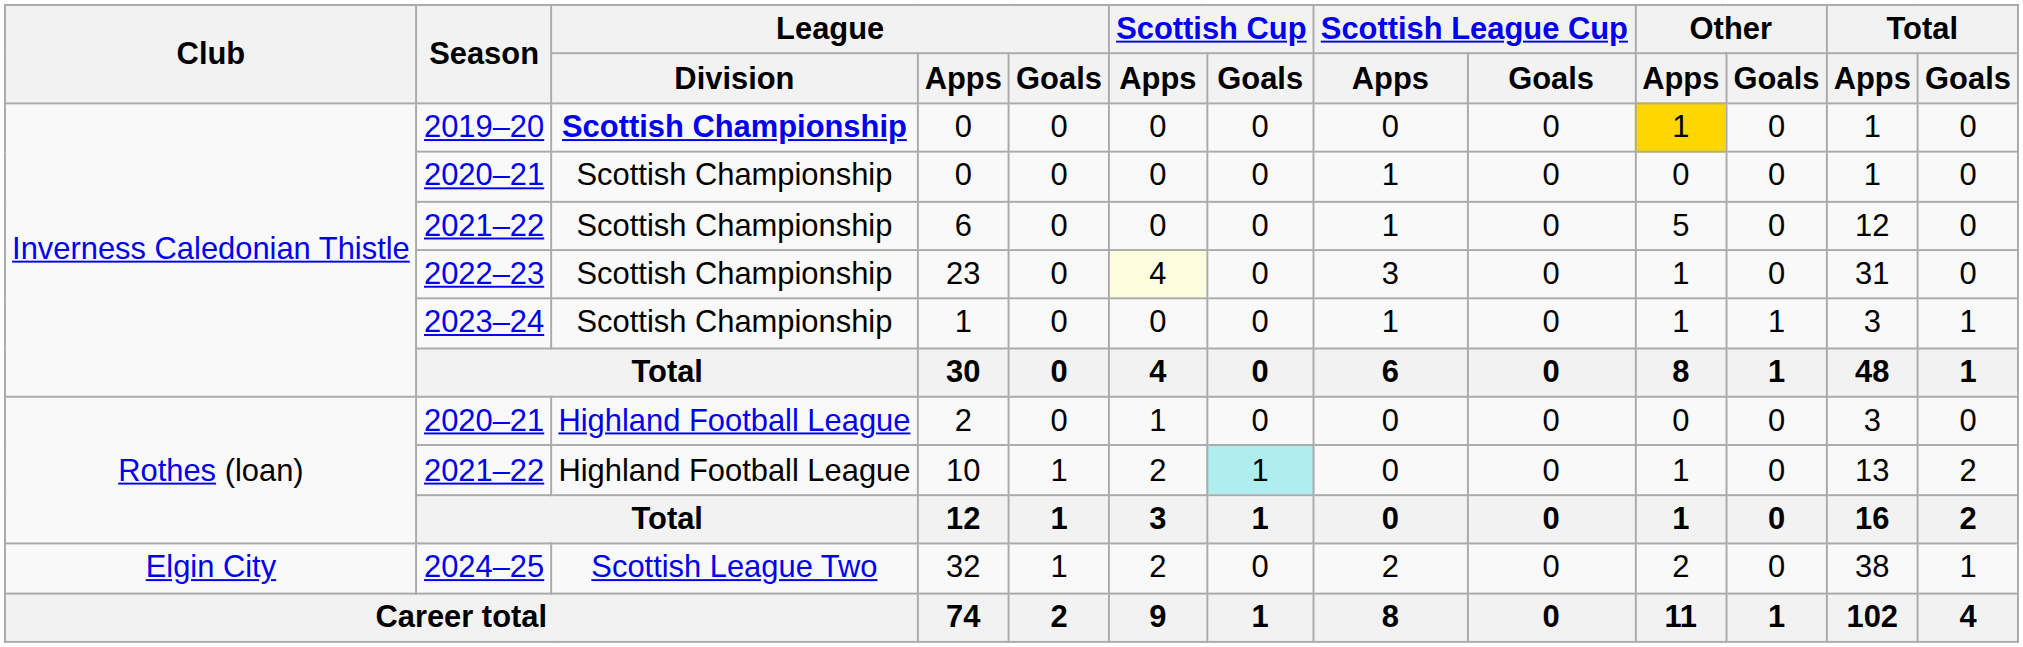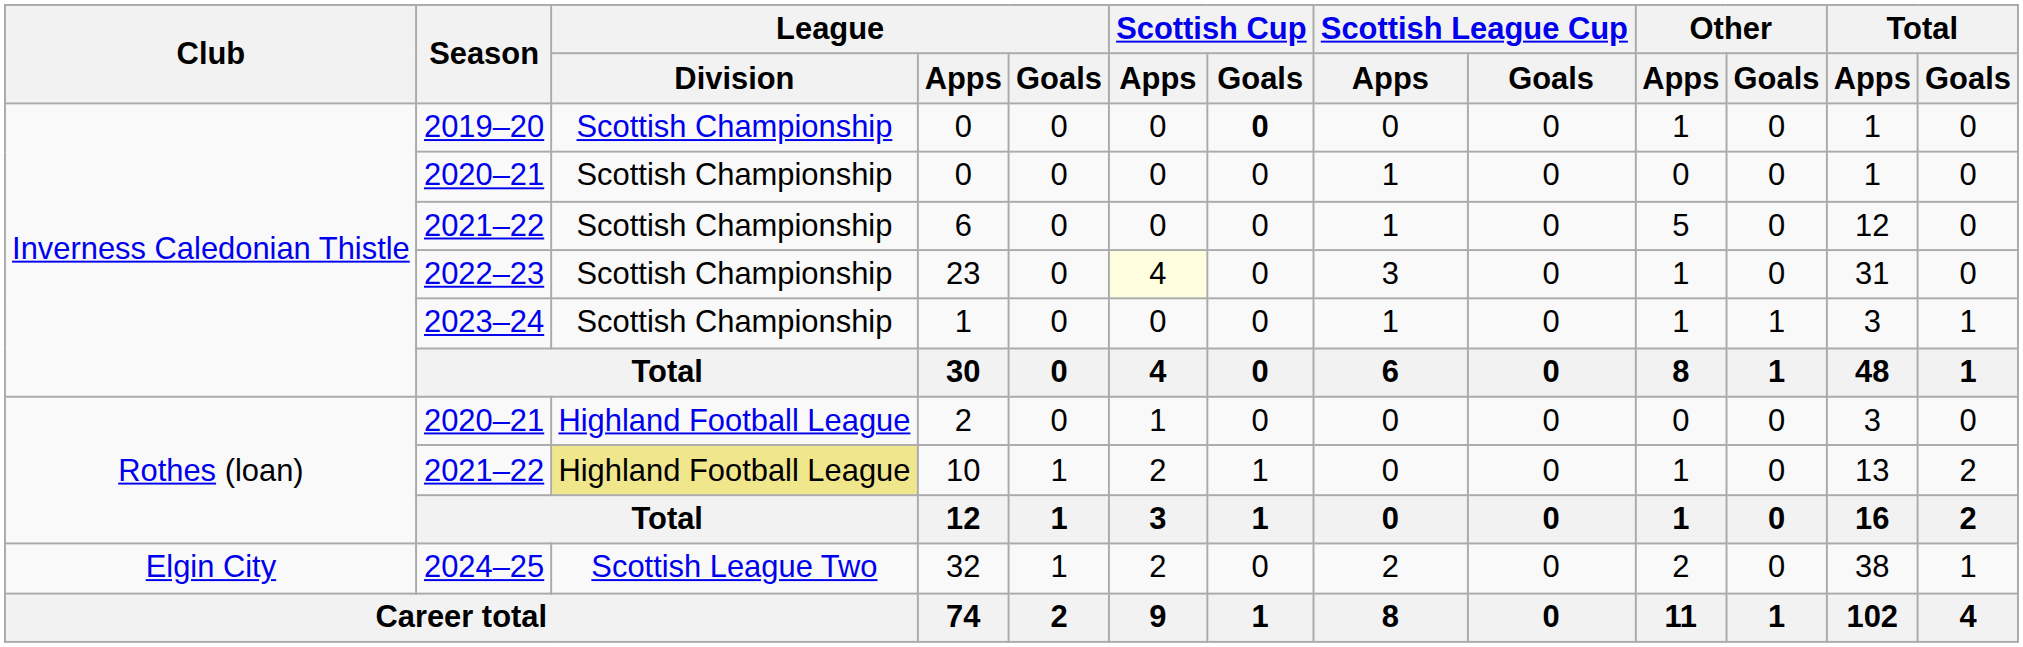 <table class=wikitable style="text-align: center">
 <tr>
 <th rowspan=2>Club</th>
 <th rowspan=2>Season</th>
 <th colspan=3>League</th>
 <th colspan=2><a href='#'>Scottish Cup</a></th>
 <th colspan=2><a href='#'>Scottish League Cup</a></th>
 <th colspan=2>Other</th>
 <th colspan=2>Total</th>
 </tr>
 <tr>
 <th>Division</th>
 <th>Apps</th>
 <th>Goals</th>
 <th>Apps</th>
 <th>Goals</th>
 <th>Apps</th>
 <th>Goals</th>
 <th>Apps</th>
 <th>Goals</th>
 <th>Apps</th>
 <th>Goals</th>
 </tr>
 <tr>
 <td rowspan="6"><a href='#'>Inverness Caledonian Thistle</a></td>
 <td><a href='#'>2019–20</a></td>
-<td><strong><a href='#'>Scottish Championship</a></strong></td>
+<td><a href='#'>Scottish Championship</a></td>
 <td>0</td>
 <td>0</td>
 <td>0</td>
+<td><strong>0</strong></td>
 <td>0</td>
 <td>0</td>
-<td>0</td>
-<td style="background: gold;">1</td>
+<td>1</td>
 <td>0</td>
 <td>1</td>
 <td>0</td>
 </tr>
 <tr>
 <td><a href='#'>2020–21</a></td>
 <td>Scottish Championship</td>
 <td>0</td>
 <td>0</td>
 <td>0</td>
 <td>0</td>
 <td>1</td>
 <td>0</td>
 <td>0</td>
 <td>0</td>
 <td>1</td>
 <td>0</td>
 </tr>
 <tr>
 <td><a href='#'>2021–22</a></td>
 <td>Scottish Championship</td>
 <td>6</td>
 <td>0</td>
 <td>0</td>
 <td>0</td>
 <td>1</td>
 <td>0</td>
 <td>5</td>
 <td>0</td>
 <td>12</td>
 <td>0</td>
 </tr>
 <tr>
 <td><a href='#'>2022–23</a></td>
 <td>Scottish Championship</td>
 <td>23</td>
 <td>0</td>
 <td style="background: lightyellow;">4</td>
 <td>0</td>
 <td>3</td>
 <td>0</td>
 <td>1</td>
 <td>0</td>
 <td>31</td>
 <td>0</td>
 </tr>
 <tr>
 <td><a href='#'>2023–24</a></td>
 <td>Scottish Championship</td>
 <td>1</td>
 <td>0</td>
 <td>0</td>
 <td>0</td>
 <td>1</td>
 <td>0</td>
 <td>1</td>
 <td>1</td>
 <td>3</td>
 <td>1</td>
 </tr>
 <tr>
 <th colspan="2">Total</th>
 <th>30</th>
 <th>0</th>
 <th>4</th>
 <th>0</th>
 <th>6</th>
 <th>0</th>
 <th>8</th>
 <th>1</th>
 <th>48</th>
 <th>1</th>
 </tr>
 <tr>
 <td rowspan=3><a href='#'>Rothes</a> (loan)</td>
 <td><a href='#'>2020–21</a></td>
 <td><a href='#'>Highland Football League</a></td>
 <td>2</td>
 <td>0</td>
 <td>1</td>
 <td>0</td>
 <td>0</td>
 <td>0</td>
 <td>0</td>
 <td>0</td>
 <td>3</td>
 <td>0</td>
 </tr>
 <tr>
 <td><a href='#'>2021–22</a></td>
-<td>Highland Football League</td>
+<td style="background: khaki;">Highland Football League</td>
 <td>10</td>
 <td>1</td>
 <td>2</td>
-<td style="background: paleturquoise;">1</td>
+<td>1</td>
 <td>0</td>
 <td>0</td>
 <td>1</td>
 <td>0</td>
 <td>13</td>
 <td>2</td>
 </tr>
 <tr>
 <th colspan=2>Total</th>
 <th>12</th>
 <th>1</th>
 <th>3</th>
 <th>1</th>
 <th>0</th>
 <th>0</th>
 <th>1</th>
 <th>0</th>
 <th>16</th>
 <th>2</th>
 </tr>
 <tr>
 <td><a href='#'>Elgin City</a></td>
 <td><a href='#'>2024–25</a></td>
 <td><a href='#'>Scottish League Two</a></td>
 <td>32</td>
 <td>1</td>
 <td>2</td>
 <td>0</td>
 <td>2</td>
 <td>0</td>
 <td>2</td>
 <td>0</td>
 <td>38</td>
 <td>1</td>
 </tr>
 <tr>
 <th colspan=3>Career total</th>
 <th>74</th>
 <th>2</th>
 <th>9</th>
 <th>1</th>
 <th>8</th>
 <th>0</th>
 <th>11</th>
 <th>1</th>
 <th>102</th>
 <th>4</th>
 </tr>
 </table>
